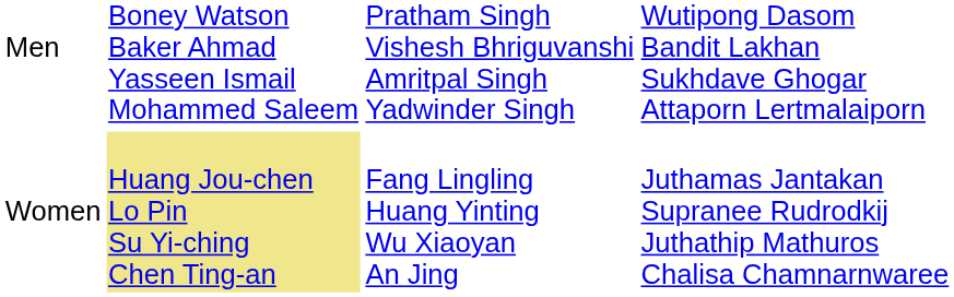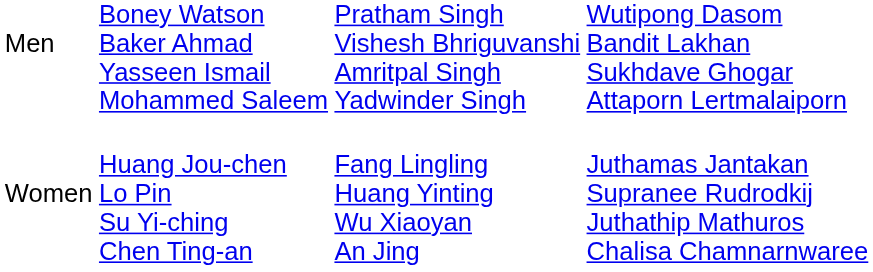 <table>
 <tr>
 <td>Men</td>
 <td><br><a href='#'>Boney Watson</a><br><a href='#'>Baker Ahmad</a><br><a href='#'>Yasseen Ismail</a><br><a href='#'>Mohammed Saleem</a></td>
 <td><br><a href='#'>Pratham Singh</a><br><a href='#'>Vishesh Bhriguvanshi</a><br><a href='#'>Amritpal Singh</a><br><a href='#'>Yadwinder Singh</a></td>
 <td><br><a href='#'>Wutipong Dasom</a><br><a href='#'>Bandit Lakhan</a><br><a href='#'>Sukhdave Ghogar</a><br><a href='#'>Attaporn Lertmalaiporn</a></td>
 </tr>
 <tr>
 <td>Women</td>
-<td style="background: khaki;"><br><a href='#'>Huang Jou-chen</a><br><a href='#'>Lo Pin</a><br><a href='#'>Su Yi-ching</a><br><a href='#'>Chen Ting-an</a></td>
+<td><br><a href='#'>Huang Jou-chen</a><br><a href='#'>Lo Pin</a><br><a href='#'>Su Yi-ching</a><br><a href='#'>Chen Ting-an</a></td>
 <td><br><a href='#'>Fang Lingling</a><br><a href='#'>Huang Yinting</a><br><a href='#'>Wu Xiaoyan</a><br><a href='#'>An Jing</a></td>
 <td><br><a href='#'>Juthamas Jantakan</a><br><a href='#'>Supranee Rudrodkij</a><br><a href='#'>Juthathip Mathuros</a><br><a href='#'>Chalisa Chamnarnwaree</a></td>
 </tr>
 </table>
